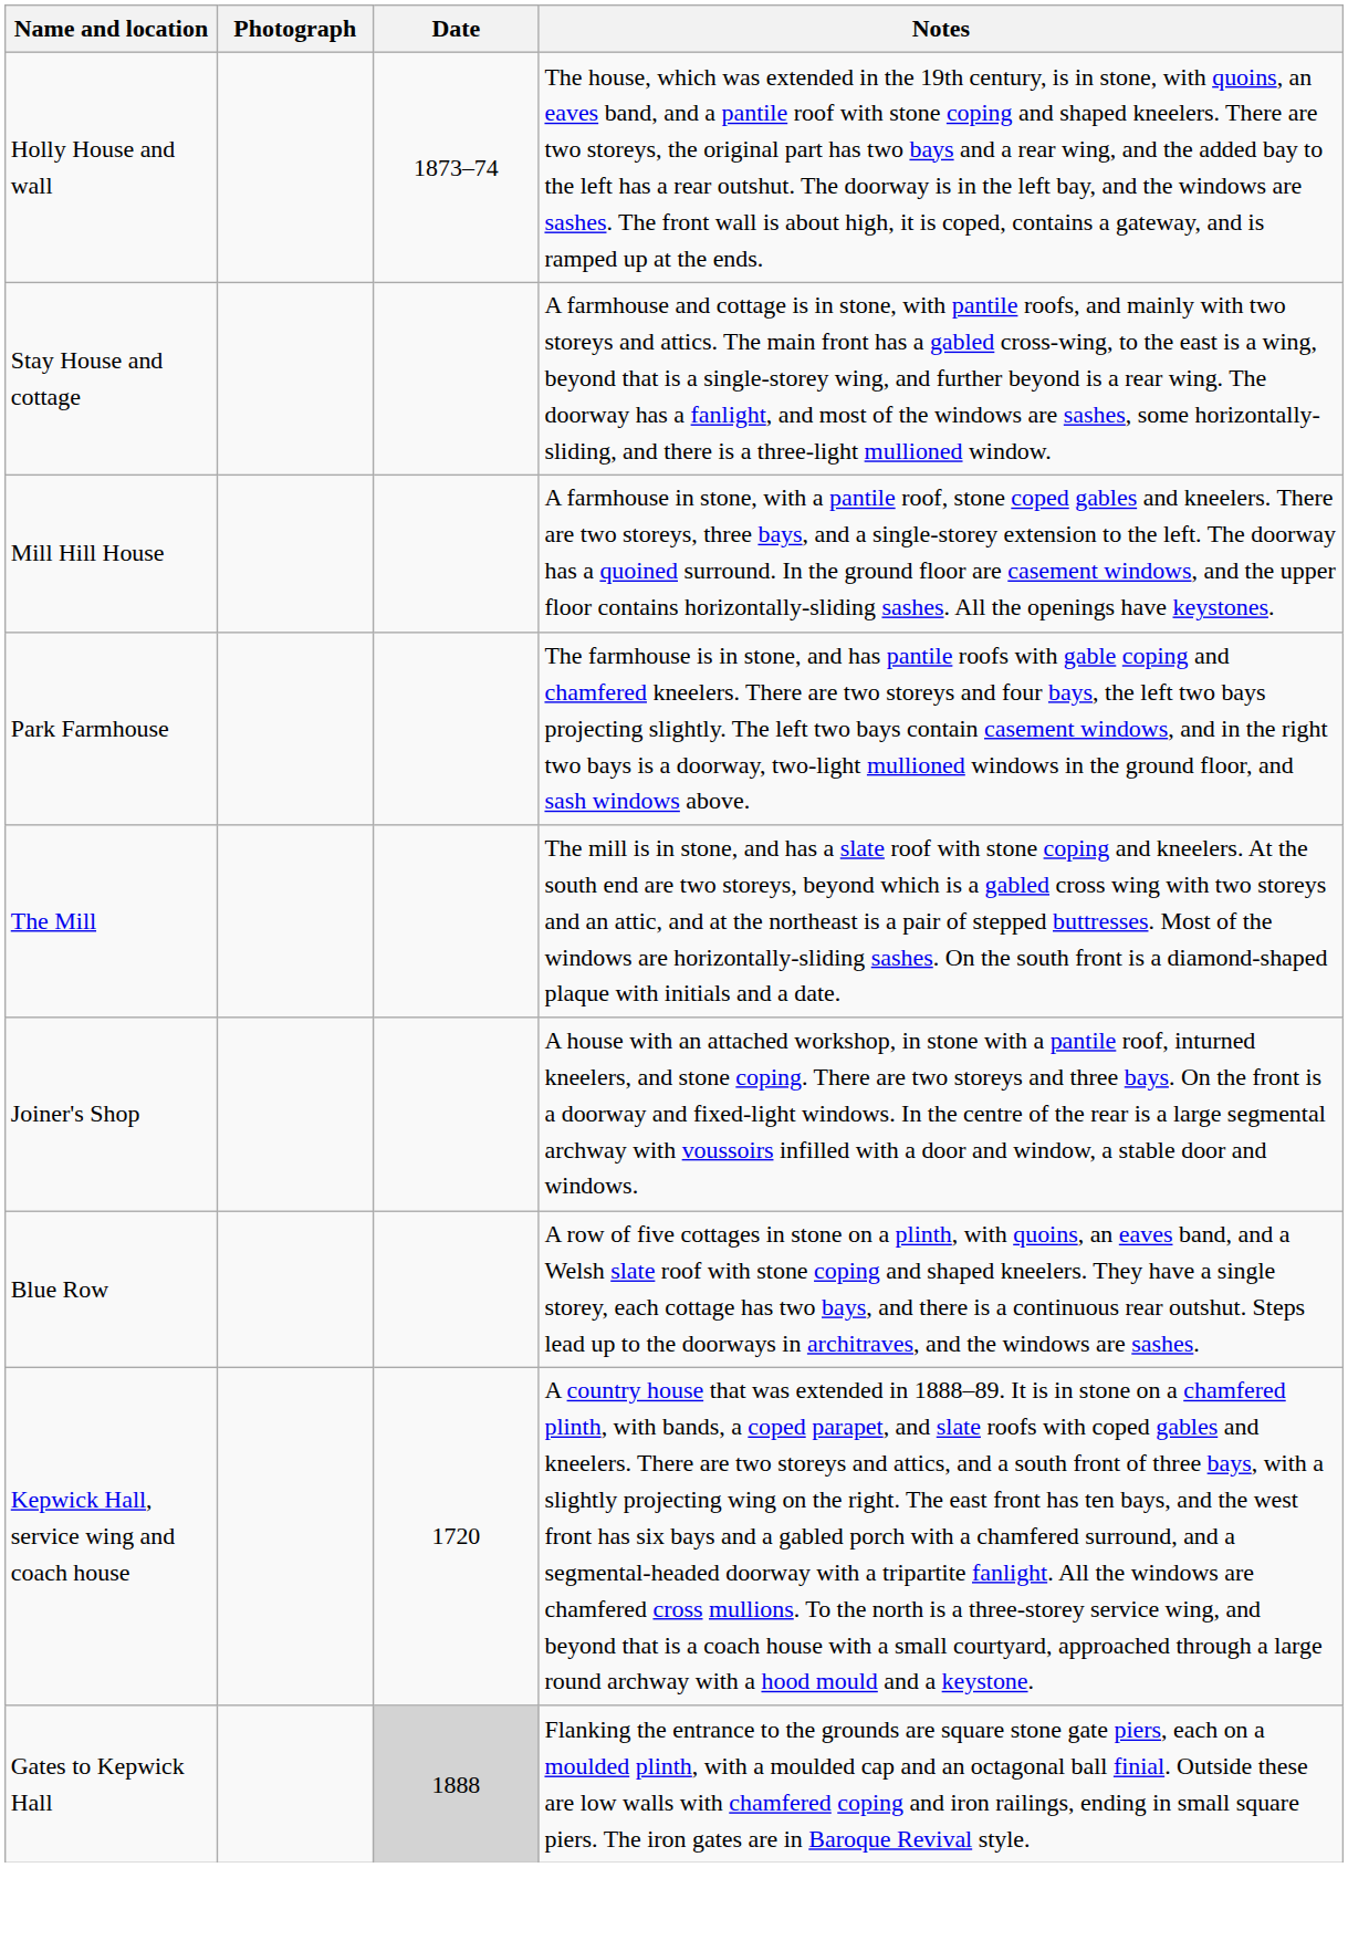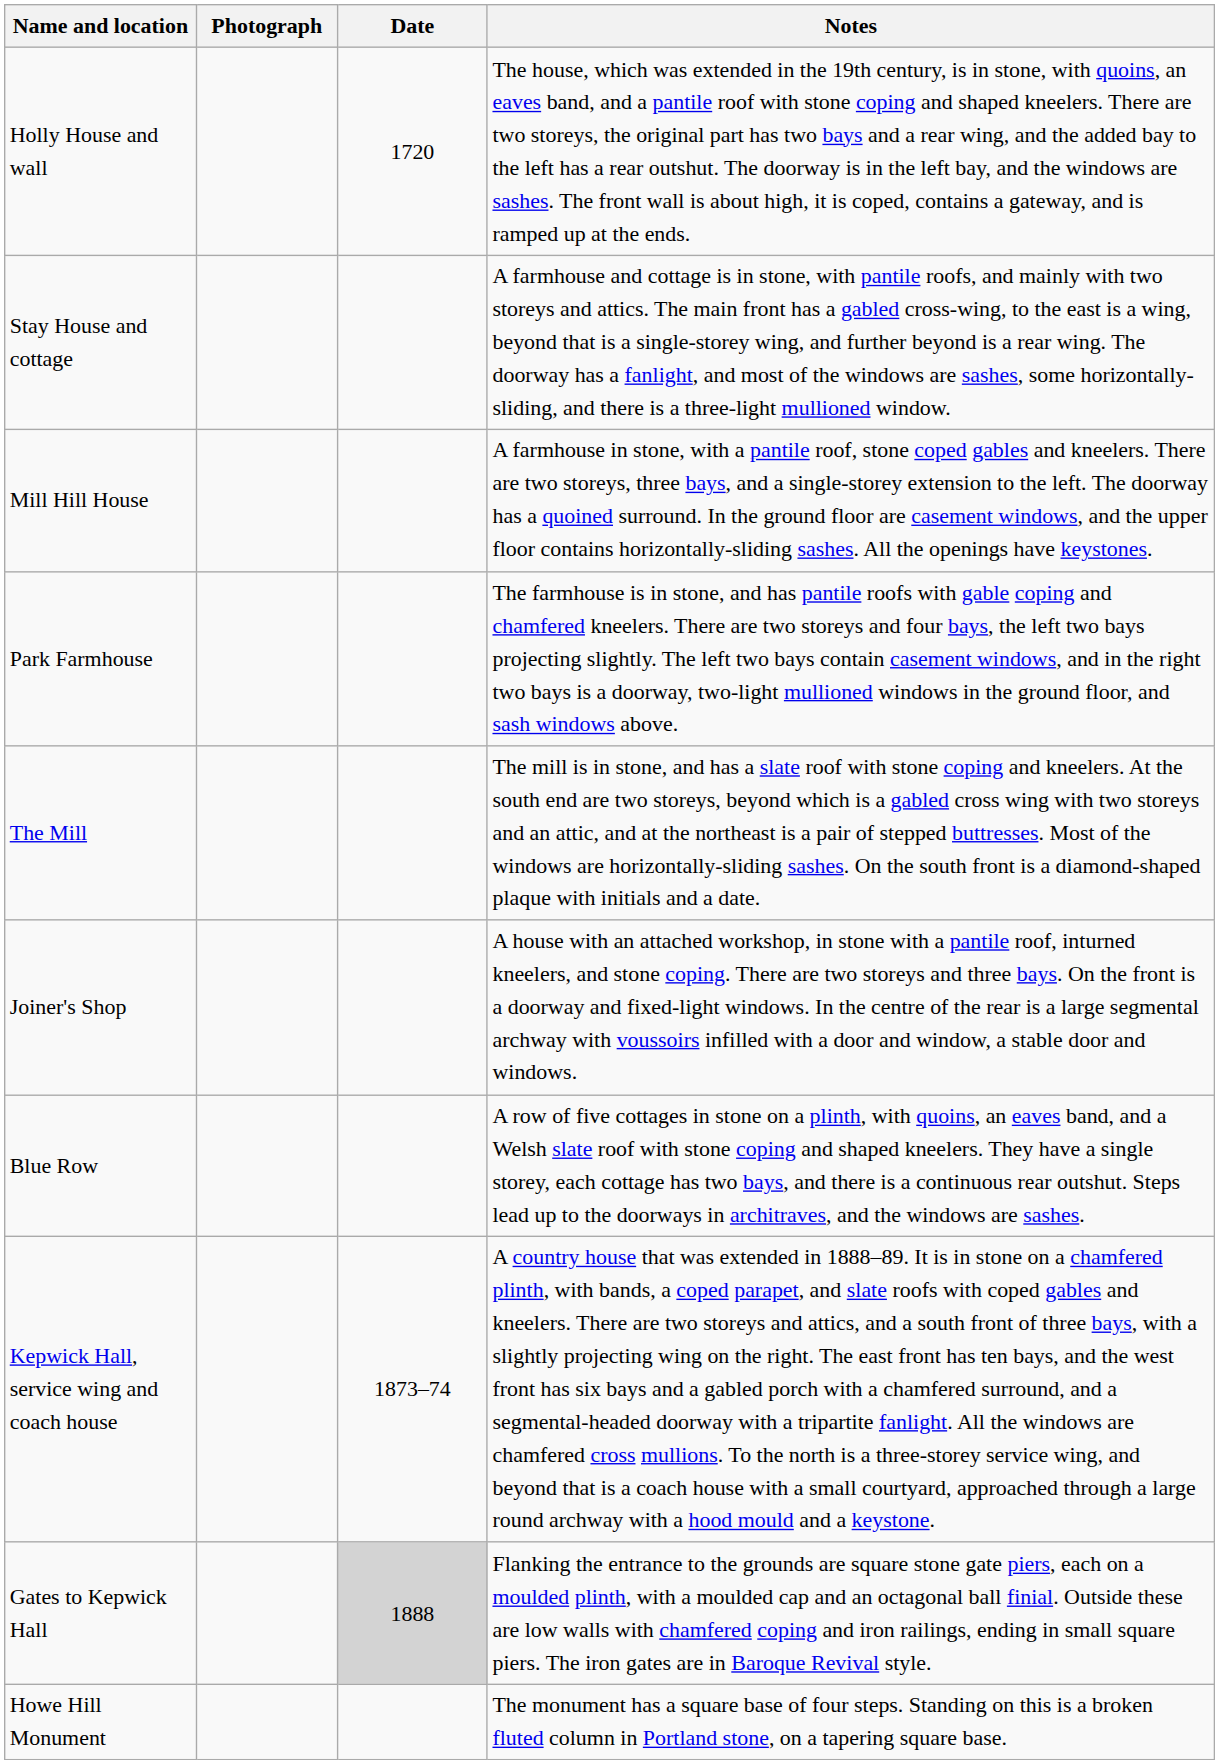 <table class="wikitable sortable plainrowheaders" style="width:100%;border:0px;text-align:left;line-height:150%;">
 <tr>
 <th scope="col"  style="width:150px">Name and location</th>
 <th scope="col"  style="width:100px" class="unsortable">Photograph</th>
 <th scope="col"  style="width:120px">Date</th>
 <th scope="col"  style="width:650px" class="unsortable">Notes</th>
 </tr>
 <tr>
 <td>Holly House and wall<br><small></small></td>
 <td></td>
-<td align="center">1873–74</td>
+<td align="center">1720</td>
 <td>The house, which was extended in the 19th century, is in stone, with <a href='#'>quoins</a>, an <a href='#'>eaves</a> band, and a <a href='#'>pantile</a> roof with stone <a href='#'>coping</a> and shaped kneelers.  There are two storeys, the original part has two <a href='#'>bays</a> and a rear wing, and the added bay to the left has a rear outshut. The doorway is in the left bay, and the windows are <a href='#'>sashes</a>. The front wall is about  high, it is coped, contains a gateway, and is ramped up at the ends.</td>
 </tr>
 <tr>
 <td>Stay House and cottage<br><small></small></td>
 <td></td>
 <td align="center"></td>
 <td>A farmhouse and cottage is in stone, with <a href='#'>pantile</a> roofs, and mainly with two storeys and attics. The main front has a <a href='#'>gabled</a> cross-wing, to the east is a wing, beyond that is a single-storey wing, and further beyond is a rear wing. The doorway has a <a href='#'>fanlight</a>, and most of the windows are <a href='#'>sashes</a>, some horizontally-sliding, and there is a three-light <a href='#'>mullioned</a> window.</td>
 </tr>
 <tr>
 <td>Mill Hill House<br><small></small></td>
 <td></td>
 <td align="center"></td>
 <td>A farmhouse in stone, with a <a href='#'>pantile</a> roof, stone <a href='#'>coped</a> <a href='#'>gables</a> and kneelers. There are two storeys, three <a href='#'>bays</a>, and a single-storey extension to the left. The doorway has a <a href='#'>quoined</a> surround. In the ground floor are <a href='#'>casement windows</a>, and the upper floor contains horizontally-sliding <a href='#'>sashes</a>. All the openings have <a href='#'>keystones</a>.</td>
 </tr>
 <tr>
 <td>Park Farmhouse<br><small></small></td>
 <td></td>
 <td align="center"></td>
 <td>The farmhouse is in stone, and has <a href='#'>pantile</a> roofs with <a href='#'>gable</a> <a href='#'>coping</a> and <a href='#'>chamfered</a> kneelers. There  are two storeys and four <a href='#'>bays</a>, the left two bays projecting slightly. The left two bays contain <a href='#'>casement windows</a>, and in the right two bays is a doorway, two-light <a href='#'>mullioned</a> windows in the ground floor, and <a href='#'>sash windows</a> above.</td>
 </tr>
 <tr>
 <td><a href='#'>The Mill</a><br><small></small></td>
 <td></td>
 <td align="center"></td>
 <td>The mill is in stone, and has a <a href='#'>slate</a> roof with stone <a href='#'>coping</a> and kneelers. At the south end are two storeys, beyond which is a <a href='#'>gabled</a> cross wing with two storeys and an attic, and at the northeast is a pair of stepped <a href='#'>buttresses</a>. Most of the windows are horizontally-sliding <a href='#'>sashes</a>. On the south front is a diamond-shaped plaque with initials and a date.</td>
 </tr>
 <tr>
 <td>Joiner's Shop<br><small></small></td>
 <td></td>
 <td align="center"></td>
 <td>A house with an attached workshop, in stone  with a <a href='#'>pantile</a> roof, inturned kneelers, and stone <a href='#'>coping</a>. There are two storeys and three <a href='#'>bays</a>. On the front is a doorway and fixed-light windows. In the centre of the rear is a large segmental archway with <a href='#'>voussoirs</a> infilled with a door and window, a stable door and windows.</td>
 </tr>
 <tr>
 <td>Blue Row<br><small></small></td>
 <td></td>
 <td align="center"></td>
 <td>A row of five cottages in stone on a <a href='#'>plinth</a>, with <a href='#'>quoins</a>, an <a href='#'>eaves</a> band, and a Welsh <a href='#'>slate</a> roof with stone <a href='#'>coping</a> and shaped kneelers. They have a single storey, each cottage has two <a href='#'>bays</a>, and there is a continuous rear outshut. Steps lead up to the doorways in <a href='#'>architraves</a>, and the windows are <a href='#'>sashes</a>.</td>
 </tr>
 <tr>
 <td><a href='#'>Kepwick Hall</a>, service wing and coach house<br><small></small></td>
 <td></td>
-<td align="center">1720</td>
+<td align="center">1873–74</td>
 <td>A <a href='#'>country house</a> that was extended in 1888–89. It is in stone on a <a href='#'>chamfered</a> <a href='#'>plinth</a>, with bands, a <a href='#'>coped</a> <a href='#'>parapet</a>, and <a href='#'>slate</a> roofs with coped <a href='#'>gables</a> and kneelers. There are two storeys and attics, and a south front of three <a href='#'>bays</a>, with a slightly projecting wing on the right.  The east front has ten bays, and the west front has six bays and a gabled porch with a chamfered surround, and a segmental-headed doorway with a tripartite <a href='#'>fanlight</a>. All the windows are chamfered <a href='#'>cross</a> <a href='#'>mullions</a>. To the north is a three-storey service  wing, and beyond that is a coach house with a small courtyard, approached through a large round archway with a <a href='#'>hood mould</a> and a <a href='#'>keystone</a>.</td>
 </tr>
 <tr>
 <td>Gates to Kepwick Hall<br><small></small></td>
 <td></td>
 <td align="center" style="background: lightgrey;">1888</td>
 <td>Flanking the entrance to the grounds are square stone gate <a href='#'>piers</a>, each on a <a href='#'>moulded</a> <a href='#'>plinth</a>, with a moulded cap and an octagonal ball <a href='#'>finial</a>. Outside these are low walls with <a href='#'>chamfered</a> <a href='#'>coping</a> and iron railings, ending in small square piers. The iron gates are in <a href='#'>Baroque Revival</a> style.</td>
 </tr>
 <tr>
+<td>Howe Hill Monument<br><small></small></td>
+<td></td>
+<td align="center"></td>
+<td>The monument has a square base of four steps. Standing on this is a broken <a href='#'>fluted</a> column in <a href='#'>Portland stone</a>, on a tapering square base.</td>
+</tr>
+<tr>
 </tr>
 </table>
